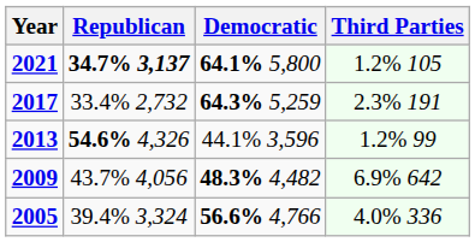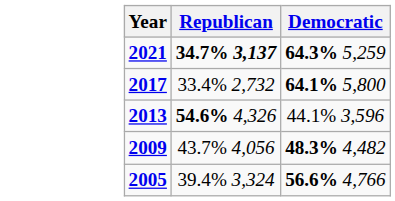 <table class="wikitable" style="float:right; font-size:95%;">
 <tr bgcolor=lightgrey>
 <th>Year</th>
 <th><a href='#'>Republican</a></th>
 <th><a href='#'>Democratic</a></th>
-<th><a href='#'>Third Parties</a></th>
 </tr>
 <tr>
 <td style="text-align:center; "><strong><a href='#'>2021</a></strong></td>
 <td style="text-align:center; "><strong>34.7% <em>3,137</em></strong></td>
-<td style="text-align:center; "><strong>64.1%</strong> <em>5,800</em></td>
-<td style="text-align:center; background:honeyDew;">1.2% <em>105</em></td>
+<td style="text-align:center; "><strong>64.3%</strong> <em>5,259</em></td>
 </tr>
 <tr>
 <td style="text-align:center; "><strong><a href='#'>2017</a></strong></td>
 <td style="text-align:center; ">33.4% <em>2,732</em></td>
-<td style="text-align:center; "><strong>64.3%</strong> <em>5,259</em></td>
-<td style="text-align:center; background:honeyDew;">2.3% <em>191</em></td>
+<td style="text-align:center; "><strong>64.1%</strong> <em>5,800</em></td>
 </tr>
 <tr>
 <td style="text-align:center; "><strong><a href='#'>2013</a></strong></td>
 <td style="text-align:center; "><strong>54.6%</strong> <em>4,326</em></td>
 <td style="text-align:center; ">44.1%  <em>3,596</em></td>
-<td style="text-align:center; background:honeyDew;">1.2% <em>99</em></td>
 </tr>
 <tr>
 <td style="text-align:center; "><strong><a href='#'>2009</a></strong></td>
 <td style="text-align:center; ">43.7% <em>4,056</em></td>
 <td style="text-align:center; "><strong>48.3%</strong>  <em>4,482</em></td>
-<td style="text-align:center; background:honeyDew;">6.9% <em>642</em></td>
 </tr>
 <tr>
 <td style="text-align:center; "><strong><a href='#'>2005</a></strong></td>
 <td style="text-align:center; ">39.4% <em>3,324</em></td>
 <td style="text-align:center; "><strong>56.6%</strong> <em>4,766</em></td>
-<td style="text-align:center; background:honeyDew;">4.0% <em>336</em></td>
 </tr>
 </table>
